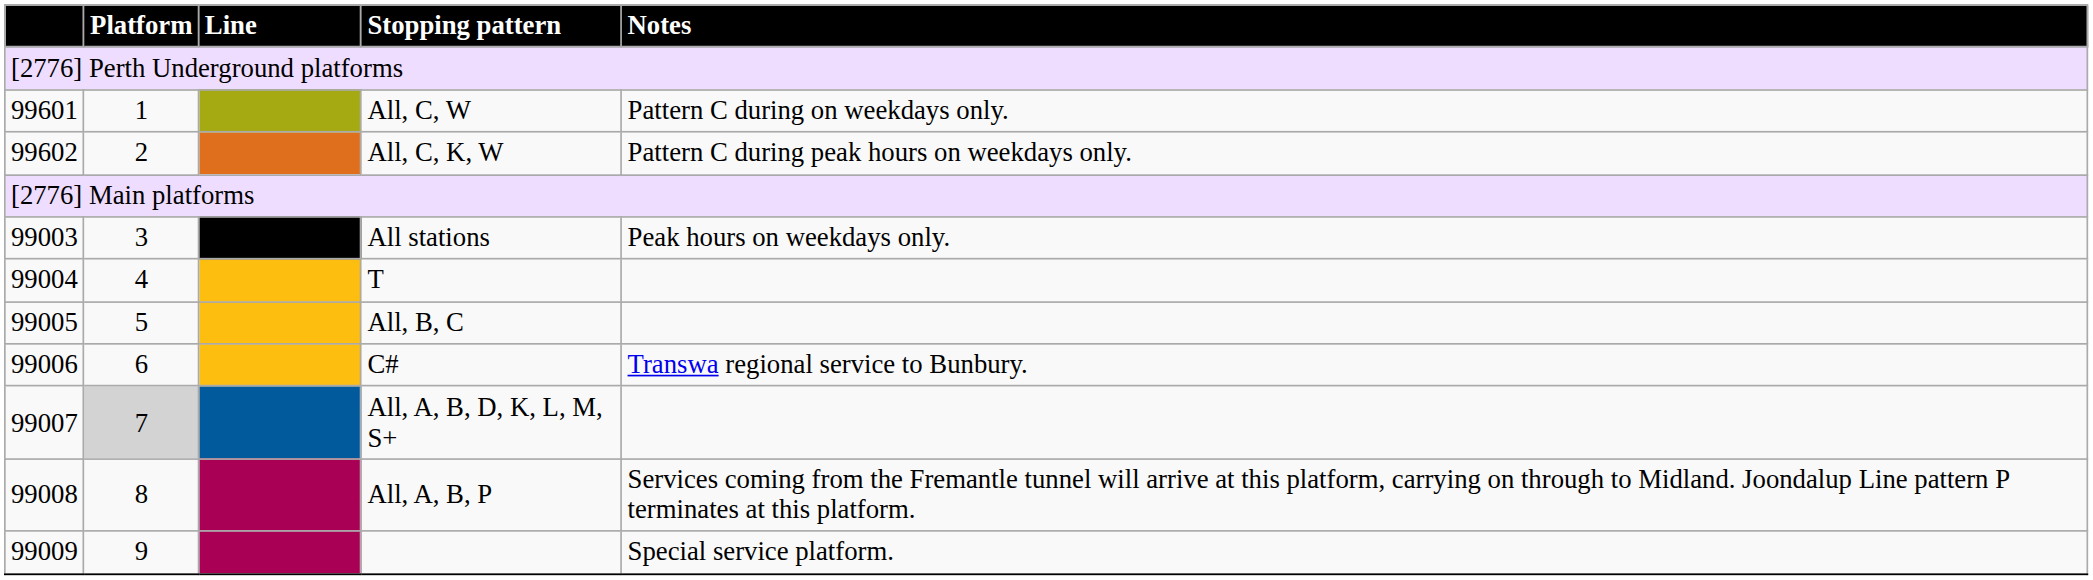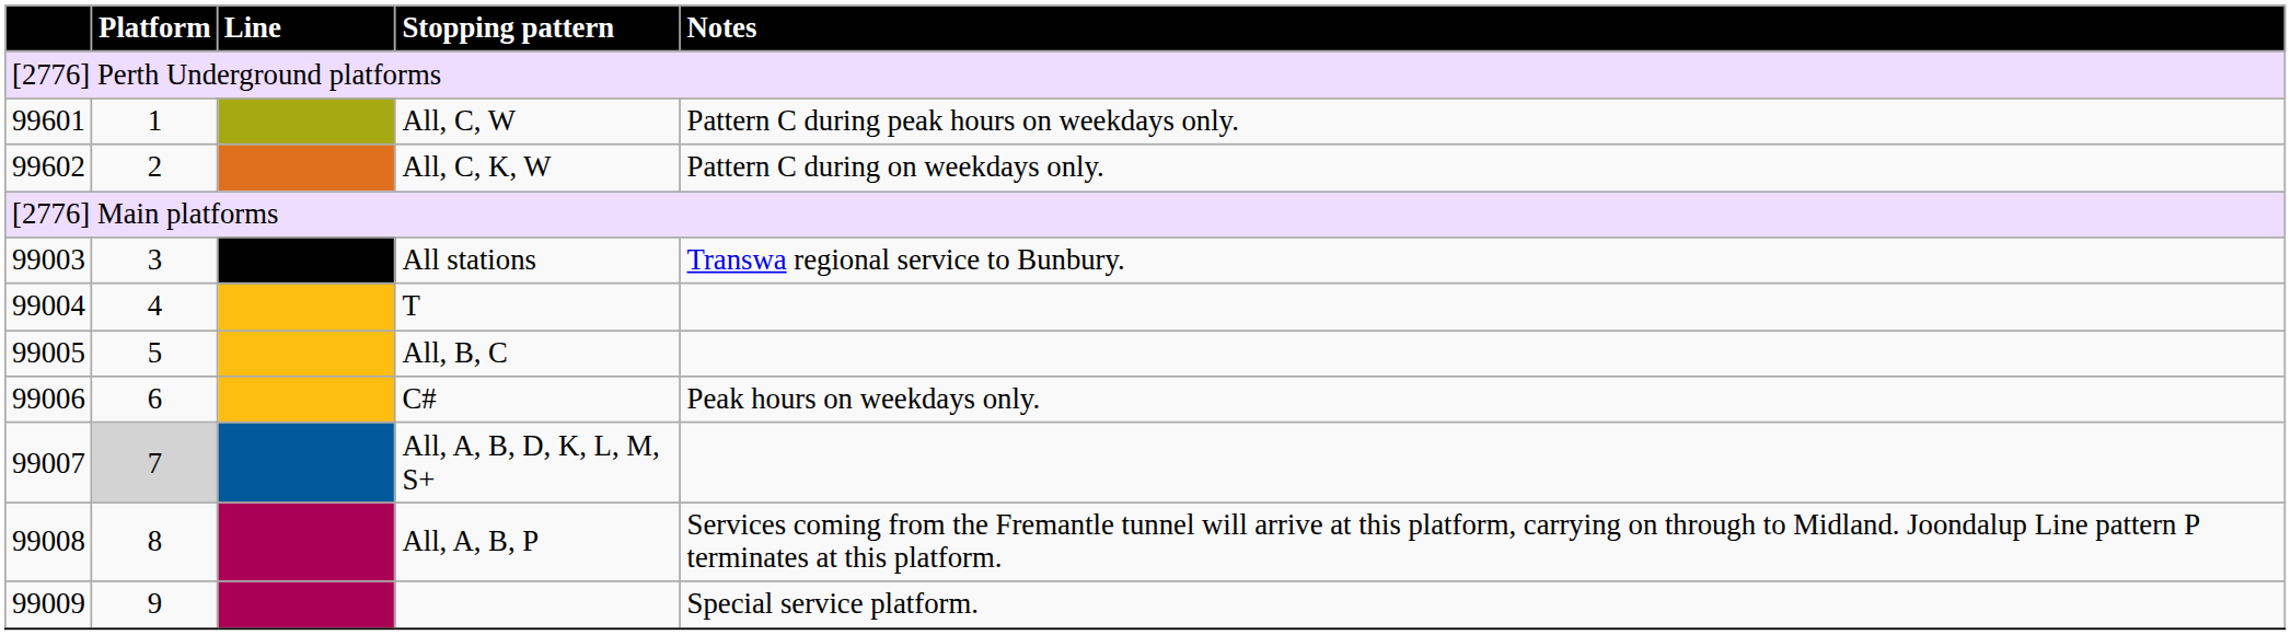 <table class="wikitable" style="float: none; margin-center: 1em; margin-bottom: 0.5em; border: black solid 1px; text-align:center;">
 <tr style="color:#FFFFFF;">
 <th style="background:#000000; text-align:left;"></th>
 <th style="background:#000000; text-align:left;">Platform</th>
 <th style="background:#000000; text-align:left; width:90px;">Line</th>
 <th style="background:#000000; text-align:left;">Stopping pattern</th>
 <th style="background:#000000; text-align:left;">Notes</th>
 </tr>
 <tr>
 <td colspan="5" style="background:#EDF; text-align:left;">[2776] Perth Underground platforms</td>
 </tr>
 <tr>
 <td>99601</td>
 <td>1</td>
 <td style="color:white; background:#A6AA12;"><strong><a href='#'></a></strong></td>
 <td style="text-align:left;">All, C, W</td>
-<td style="text-align:left;">Pattern C during on weekdays only.</td>
+<td style="text-align:left;">Pattern C during peak hours on weekdays only.</td>
 </tr>
 <tr>
 <td>99602</td>
 <td>2</td>
 <td style="color:white; background:#E06F1D;"><strong><a href='#'></a></strong></td>
 <td style="text-align:left;">All, C, K, W</td>
-<td style="text-align:left;">Pattern C during peak hours on weekdays only.</td>
+<td style="text-align:left;">Pattern C during on weekdays only.</td>
 </tr>
 <tr>
 <td colspan="5" style="background:#EDF; text-align:left;">[2776] Main platforms</td>
 </tr>
 <tr>
 <td>99003</td>
 <td>3</td>
 <td style="color:#E0730E; background:#000000;"><strong><a href='#'></a></strong></td>
 <td style="text-align:left;">All stations</td>
-<td style="text-align:left;">Peak hours on weekdays only.</td>
+<td style="text-align:left;"><a href='#'>Transwa</a> regional service to Bunbury.</td>
 </tr>
 <tr>
 <td>99004</td>
 <td>4</td>
 <td style="color:black; background:#FEBE10;"><strong><a href='#'></a></strong></td>
 <td style="text-align:left;">T</td>
 <td></td>
 </tr>
 <tr>
 <td>99005</td>
 <td>5</td>
 <td style="color:black; background:#FEBE10;"><strong><a href='#'></a></strong></td>
 <td style="text-align:left;">All, B, C</td>
 <td style="text-align:left;"></td>
 </tr>
 <tr>
 <td>99006</td>
 <td>6</td>
 <td style="color:black; background:#FEBE10;"><strong><a href='#'></a></strong></td>
 <td style="text-align:left;">C#</td>
-<td style="text-align:left;"><a href='#'>Transwa</a> regional service to Bunbury.</td>
+<td style="text-align:left;">Peak hours on weekdays only.</td>
 </tr>
 <tr>
 <td>99007</td>
 <td style="background: lightgrey;">7</td>
 <td style="color:white; background:#005A9C;"><strong><a href='#'></a></strong></td>
 <td style="text-align:left;">All, A, B, D, K, L, M, S+</td>
 <td style="text-align:left;"></td>
 </tr>
 <tr>
 <td>99008</td>
 <td>8</td>
 <td style="color:white; background:#A90056;"><strong><a href='#'></a></strong></td>
 <td style="text-align:left;">All, A, B, P</td>
 <td style="text-align:left;">Services coming from the Fremantle tunnel will arrive at this platform, carrying on through to Midland. Joondalup Line pattern P terminates at this platform.</td>
 </tr>
 <tr>
 <td>99009</td>
 <td>9</td>
 <td style="color:white; background:#A90056;"><strong><a href='#'></a></strong></td>
 <td style="text-align:left;"></td>
 <td style="text-align:left;">Special service platform.</td>
 </tr>
 <tr>
 </tr>
 </table>
